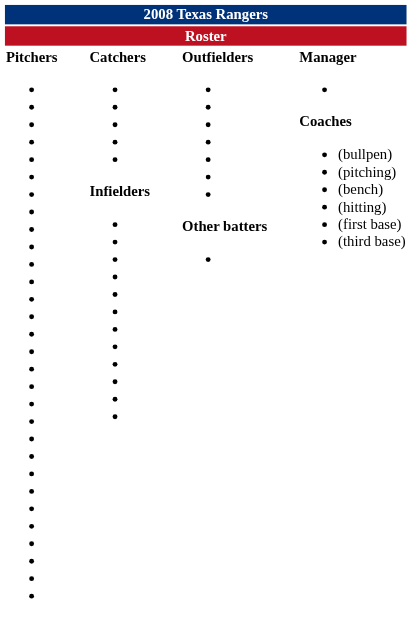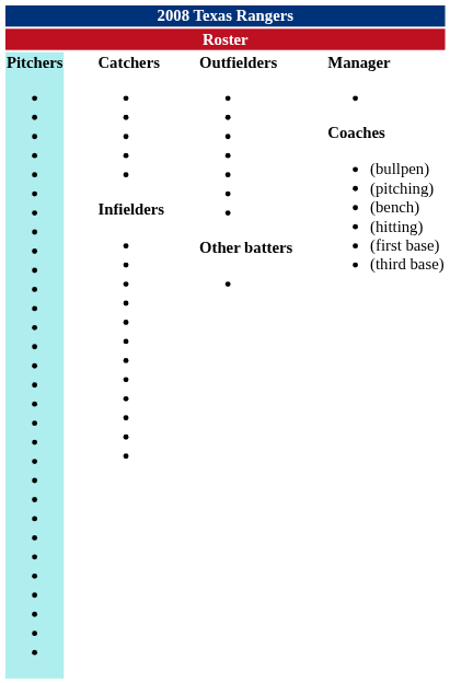 <table class="toccolours" style="font-size: 95%;">
 <tr>
 <th colspan="10" style="background-color: #003279; color: #FFFFFF; text-align: center;">2008 Texas Rangers</th>
 </tr>
 <tr>
 <td colspan="10" style="background-color: #bd1021; color: white; text-align: center;"><strong>Roster</strong></td>
 </tr>
 <tr>
-<td valign="top"><strong>Pitchers</strong><br><ul><li></li><li></li><li></li><li></li><li></li><li></li><li></li><li></li><li></li><li></li><li></li><li></li><li></li><li></li><li></li><li></li><li></li><li></li><li></li><li></li><li></li><li></li><li></li><li></li><li></li><li></li><li></li><li></li><li></li><li></li></ul></td>
+<td valign="top" style="background: paleturquoise;"><strong>Pitchers</strong><br><ul><li></li><li></li><li></li><li></li><li></li><li></li><li></li><li></li><li></li><li></li><li></li><li></li><li></li><li></li><li></li><li></li><li></li><li></li><li></li><li></li><li></li><li></li><li></li><li></li><li></li><li></li><li></li><li></li><li></li><li></li></ul></td>
 <td width="25px"></td>
 <td valign="top"><strong>Catchers</strong><br><ul><li></li><li></li><li></li><li></li><li></li></ul><strong>Infielders</strong><ul><li></li><li></li><li></li><li></li><li></li><li></li><li></li><li></li><li></li><li></li><li></li><li></li></ul></td>
 <td width="25px"></td>
 <td valign="top"><strong>Outfielders</strong><br><ul><li></li><li></li><li></li><li></li><li></li><li></li><li></li></ul><strong>Other batters</strong><ul><li></li></ul></td>
 <td width="25px"></td>
 <td valign="top"><strong>Manager</strong><br><ul><li></li></ul><strong>Coaches</strong><ul><li> (bullpen)</li><li> (pitching)</li><li> (bench)</li><li> (hitting)</li><li> (first base)</li><li> (third base)</li></ul></td>
 </tr>
 </table>
